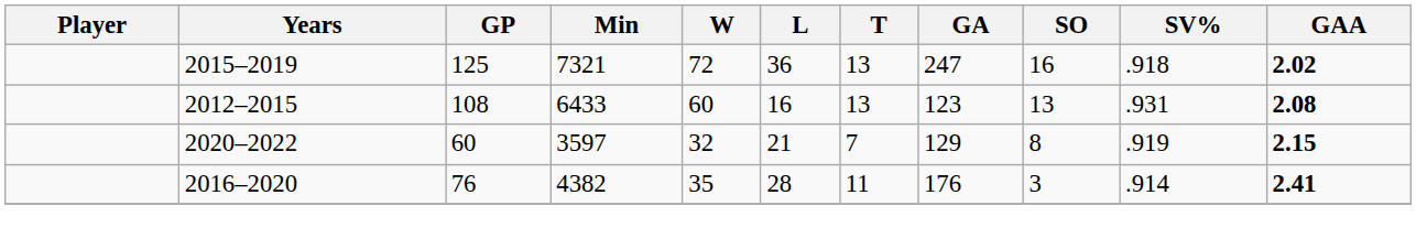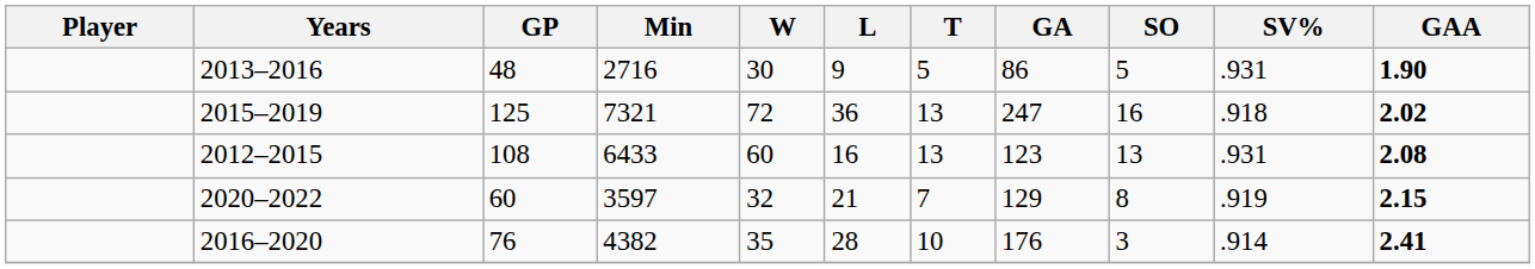 <table class="wikitable sortable" width = 900>
 <tr>
 <th>Player</th>
 <th>Years</th>
 <th>GP</th>
 <th>Min</th>
 <th>W</th>
 <th>L</th>
 <th>T</th>
 <th>GA</th>
 <th>SO</th>
 <th>SV%</th>
 <th>GAA</th>
+</tr>
+<tr>
+<td></td>
+<td>2013–2016</td>
+<td>48</td>
+<td>2716</td>
+<td>30</td>
+<td>9</td>
+<td>5</td>
+<td>86</td>
+<td>5</td>
+<td>.931</td>
+<td><strong>1.90</strong></td>
 </tr>
 <tr>
 <td></td>
 <td>2015–2019</td>
 <td>125</td>
 <td>7321</td>
 <td>72</td>
 <td>36</td>
 <td>13</td>
 <td>247</td>
 <td>16</td>
 <td>.918</td>
 <td><strong>2.02</strong></td>
 </tr>
 <tr>
 <td></td>
 <td>2012–2015</td>
 <td>108</td>
 <td>6433</td>
 <td>60</td>
 <td>16</td>
 <td>13</td>
 <td>123</td>
 <td>13</td>
 <td>.931</td>
 <td><strong>2.08</strong></td>
 </tr>
 <tr>
 <td></td>
 <td>2020–2022</td>
 <td>60</td>
 <td>3597</td>
 <td>32</td>
 <td>21</td>
 <td>7</td>
 <td>129</td>
 <td>8</td>
 <td>.919</td>
 <td><strong>2.15</strong></td>
 </tr>
 <tr>
 <td></td>
 <td>2016–2020</td>
 <td>76</td>
 <td>4382</td>
 <td>35</td>
 <td>28</td>
-<td>11</td>
+<td>10</td>
 <td>176</td>
 <td>3</td>
 <td>.914</td>
 <td><strong>2.41</strong></td>
 </tr>
 <tr>
 </tr>
 </table>
